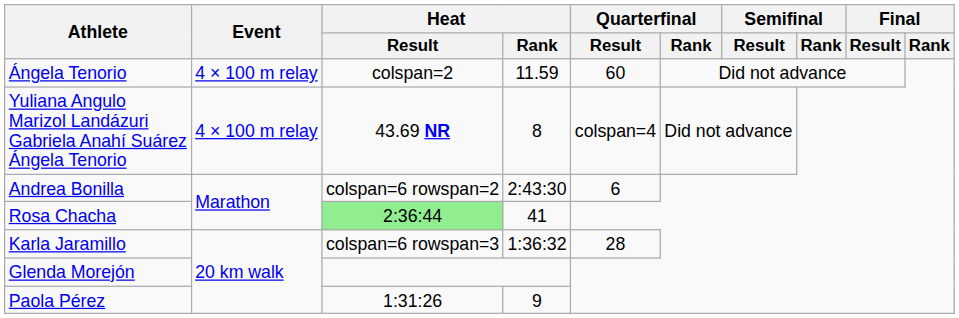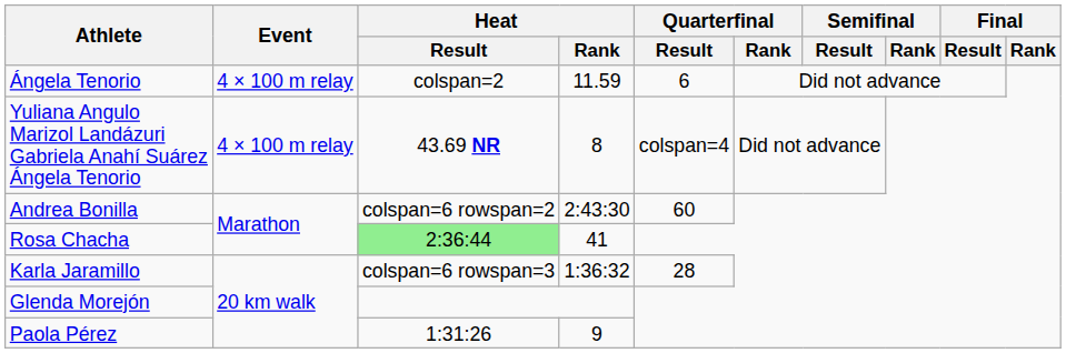 <table class="wikitable" style="font-size:90%">
 <tr>
 <th rowspan="2">Athlete</th>
 <th rowspan="2">Event</th>
 <th colspan="2">Heat</th>
 <th colspan="2">Quarterfinal</th>
 <th colspan="2">Semifinal</th>
 <th colspan="2">Final</th>
 </tr>
 <tr style="font-size:95%">
 <th>Result</th>
 <th>Rank</th>
 <th>Result</th>
 <th>Rank</th>
 <th>Result</th>
 <th>Rank</th>
 <th>Result</th>
 <th>Rank</th>
 </tr>
 <tr align=center>
 <td align=left><a href='#'>Ángela Tenorio</a></td>
 <td align=left><a href='#'>4 × 100 m relay</a></td>
 <td>colspan=2 </td>
 <td>11.59</td>
-<td>60</td>
+<td>6</td>
 <td colspan="4">Did not advance</td>
 </tr>
 <tr align=center>
 <td align=left><a href='#'>Yuliana Angulo</a><br><a href='#'>Marizol Landázuri</a><br><a href='#'>Gabriela Anahí Suárez</a><br><a href='#'>Ángela Tenorio</a></td>
 <td align=left><a href='#'>4 × 100 m relay</a></td>
 <td>43.69 <strong><a href='#'>NR</a></strong></td>
 <td>8</td>
 <td>colspan=4 </td>
 <td colspan=2>Did not advance</td>
 </tr>
 <tr align=center>
 <td align=left><a href='#'>Andrea Bonilla</a></td>
 <td align=left rowspan=2><a href='#'>Marathon</a></td>
 <td>colspan=6 rowspan=2 </td>
 <td>2:43:30</td>
-<td>6</td>
+<td>60</td>
 </tr>
 <tr align=center>
 <td align=left><a href='#'>Rosa Chacha</a></td>
 <td style="background: lightgreen;">2:36:44</td>
 <td>41</td>
 </tr>
 <tr align=center>
 <td align=left><a href='#'>Karla Jaramillo</a></td>
 <td align=left rowspan=3><a href='#'>20 km walk</a></td>
 <td>colspan=6 rowspan=3 </td>
 <td>1:36:32</td>
 <td>28</td>
 </tr>
 <tr align=center>
 <td align=left><a href='#'>Glenda Morejón</a></td>
 <td colspan=2></td>
 </tr>
 <tr align=center>
 <td align=left><a href='#'>Paola Pérez</a></td>
 <td>1:31:26</td>
 <td>9</td>
 </tr>
 </table>
